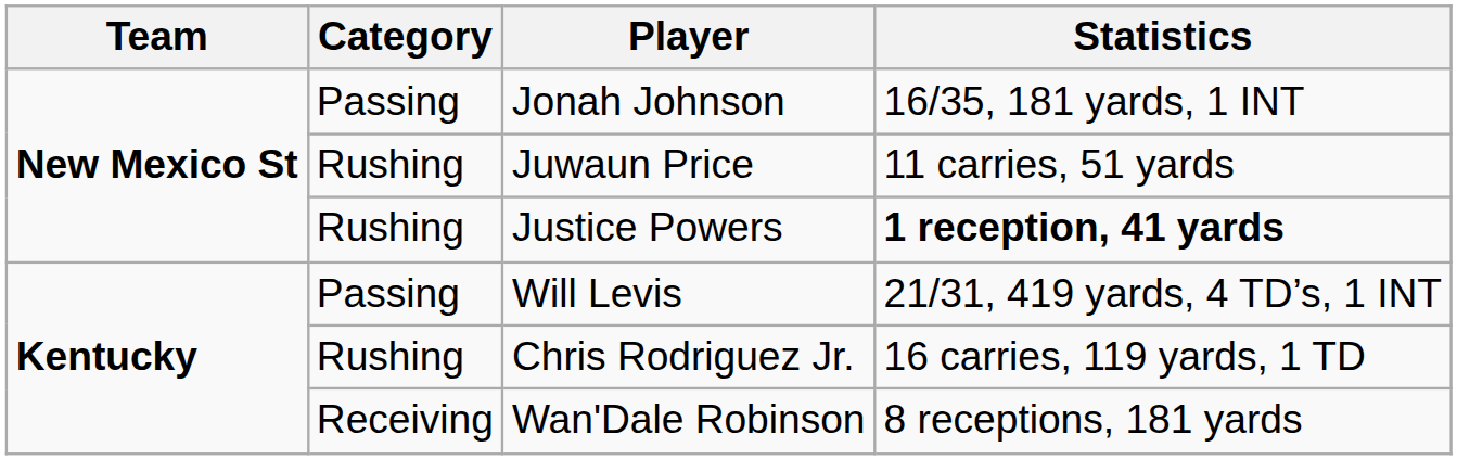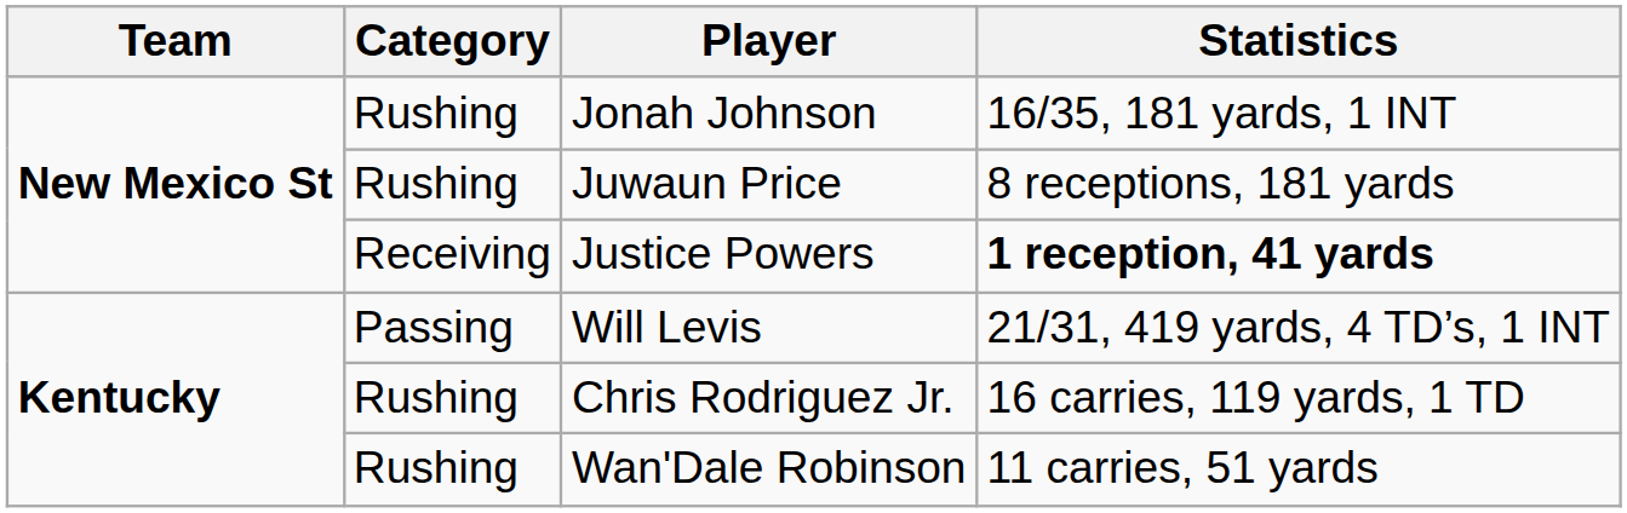 <table class="wikitable" style="float: right;">
 <tr>
 <th>Team</th>
 <th>Category</th>
 <th>Player</th>
 <th>Statistics</th>
 </tr>
 <tr>
 <td rowspan=3><strong>New Mexico St</strong></td>
-<td>Passing</td>
+<td>Rushing</td>
 <td>Jonah Johnson</td>
 <td>16/35, 181 yards, 1 INT</td>
 </tr>
 <tr>
 <td>Rushing</td>
 <td>Juwaun Price</td>
-<td>11 carries, 51 yards</td>
+<td>8 receptions, 181 yards</td>
 </tr>
 <tr>
-<td>Rushing</td>
+<td>Receiving</td>
 <td>Justice Powers</td>
 <td><strong>1 reception, 41 yards</strong></td>
 </tr>
 <tr>
 <td rowspan=3><strong>Kentucky</strong></td>
 <td>Passing</td>
 <td>Will Levis</td>
 <td>21/31, 419 yards, 4 TD’s, 1 INT</td>
 </tr>
 <tr>
 <td>Rushing</td>
 <td>Chris Rodriguez Jr.</td>
 <td>16 carries, 119 yards, 1 TD</td>
 </tr>
 <tr>
-<td>Receiving</td>
+<td>Rushing</td>
 <td>Wan'Dale Robinson</td>
-<td>8 receptions, 181 yards</td>
+<td>11 carries, 51 yards</td>
 </tr>
 </table>
